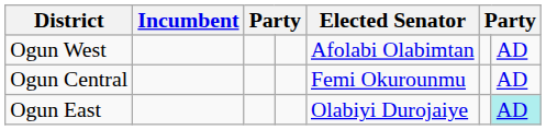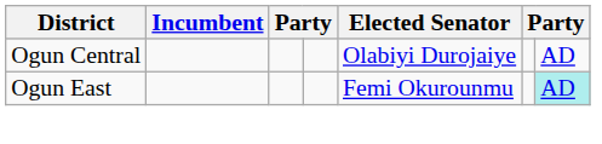 <table class="sortable wikitable" style="font-size:95%;line-height:14px;">
 <tr>
 <th class="unsortable">District</th>
 <th class="unsortable"><a href='#'>Incumbent</a></th>
 <th colspan="2">Party</th>
 <th class="unsortable">Elected Senator</th>
 <th colspan="2">Party</th>
 </tr>
 <tr>
-<td>Ogun West</td>
-<td></td>
-<td></td>
-<td></td>
-<td><a href='#'>Afolabi Olabimtan</a></td>
-<td style="background:"></td>
-<td><a href='#'>AD</a></td>
-</tr>
-<tr>
 <td>Ogun Central</td>
 <td></td>
 <td></td>
 <td></td>
-<td><a href='#'>Femi Okurounmu</a></td>
+<td><a href='#'>Olabiyi Durojaiye</a></td>
 <td style="background:"></td>
 <td><a href='#'>AD</a></td>
 </tr>
 <tr>
 <td>Ogun East</td>
 <td></td>
 <td></td>
 <td></td>
-<td><a href='#'>Olabiyi Durojaiye</a></td>
+<td><a href='#'>Femi Okurounmu</a></td>
 <td style="background:"></td>
 <td style="background: paleturquoise;"><a href='#'>AD</a></td>
 </tr>
 </table>
